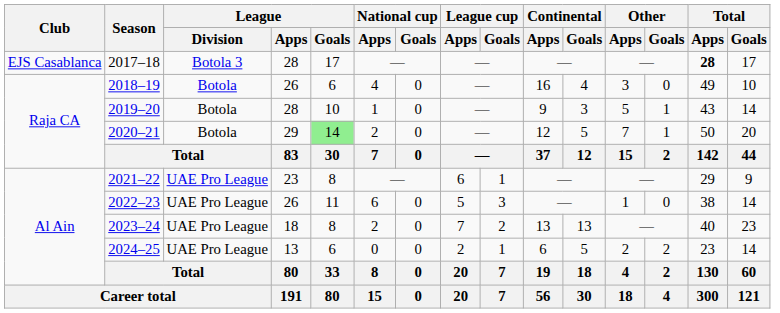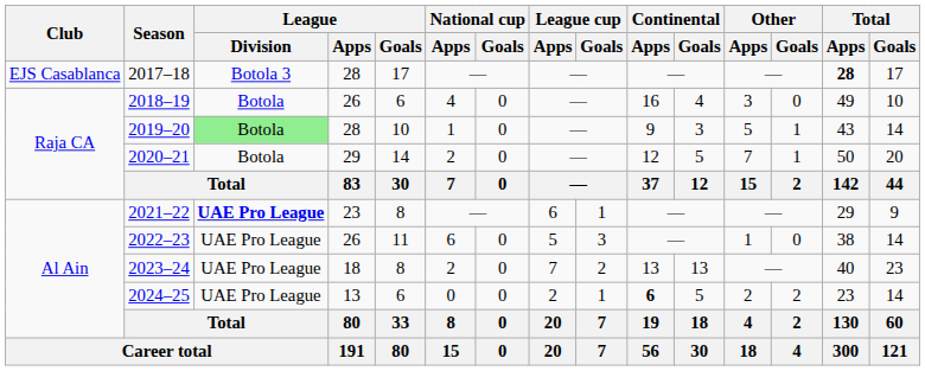 <table class="wikitable" style="text-align:center">
 <tr>
 <th rowspan="2">Club</th>
 <th rowspan="2">Season</th>
 <th colspan="3">League</th>
 <th colspan="2">National cup</th>
 <th colspan="2">League cup</th>
 <th colspan="2">Continental</th>
 <th colspan="2">Other</th>
 <th colspan="2">Total</th>
 </tr>
 <tr>
 <th>Division</th>
 <th>Apps</th>
 <th>Goals</th>
 <th>Apps</th>
 <th>Goals</th>
 <th>Apps</th>
 <th>Goals</th>
 <th>Apps</th>
 <th>Goals</th>
 <th>Apps</th>
 <th>Goals</th>
 <th>Apps</th>
 <th>Goals</th>
 </tr>
 <tr>
 <td><a href='#'>EJS Casablanca</a></td>
 <td>2017–18</td>
 <td><a href='#'>Botola 3</a></td>
 <td>28</td>
 <td>17</td>
 <td colspan="2">—</td>
 <td colspan="2">—</td>
 <td colspan="2">—</td>
 <td colspan="2">—</td>
 <td><strong>28</strong></td>
 <td>17</td>
 </tr>
 <tr>
 <td rowspan="4"><a href='#'>Raja CA</a></td>
 <td><a href='#'>2018–19</a></td>
 <td><a href='#'>Botola</a></td>
 <td>26</td>
 <td>6</td>
 <td>4</td>
 <td>0</td>
 <td colspan="2">—</td>
 <td>16</td>
 <td>4</td>
 <td>3</td>
 <td>0</td>
 <td>49</td>
 <td>10</td>
 </tr>
 <tr>
 <td><a href='#'>2019–20</a></td>
-<td>Botola</td>
+<td style="background: lightgreen;">Botola</td>
 <td>28</td>
 <td>10</td>
 <td>1</td>
 <td>0</td>
 <td colspan="2">—</td>
 <td>9</td>
 <td>3</td>
 <td>5</td>
 <td>1</td>
 <td>43</td>
 <td>14</td>
 </tr>
 <tr>
 <td><a href='#'>2020–21</a></td>
 <td>Botola</td>
 <td>29</td>
-<td style="background: lightgreen;">14</td>
+<td>14</td>
 <td>2</td>
 <td>0</td>
 <td colspan="2">—</td>
 <td>12</td>
 <td>5</td>
 <td>7</td>
 <td>1</td>
 <td>50</td>
 <td>20</td>
 </tr>
 <tr>
 <th colspan="2">Total</th>
 <th>83</th>
 <th>30</th>
 <th>7</th>
 <th>0</th>
 <th colspan="2">—</th>
 <th>37</th>
 <th>12</th>
 <th>15</th>
 <th>2</th>
 <th>142</th>
 <th>44</th>
 </tr>
 <tr>
 <td rowspan="5"><a href='#'>Al Ain</a></td>
 <td><a href='#'>2021–22</a></td>
-<td><a href='#'>UAE Pro League</a></td>
+<td><strong><a href='#'>UAE Pro League</a></strong></td>
 <td>23</td>
 <td>8</td>
 <td colspan="2">—</td>
 <td>6</td>
 <td>1</td>
 <td colspan="2">—</td>
 <td colspan="2">—</td>
 <td>29</td>
 <td>9</td>
 </tr>
 <tr>
 <td><a href='#'>2022–23</a></td>
 <td>UAE Pro League</td>
 <td>26</td>
 <td>11</td>
 <td>6</td>
 <td>0</td>
 <td>5</td>
 <td>3</td>
 <td colspan="2">—</td>
 <td>1</td>
 <td>0</td>
 <td>38</td>
 <td>14</td>
 </tr>
 <tr>
 <td><a href='#'>2023–24</a></td>
 <td>UAE Pro League</td>
 <td>18</td>
 <td>8</td>
 <td>2</td>
 <td>0</td>
 <td>7</td>
 <td>2</td>
 <td>13</td>
 <td>13</td>
 <td colspan="2">—</td>
 <td>40</td>
 <td>23</td>
 </tr>
 <tr>
 <td><a href='#'>2024–25</a></td>
 <td>UAE Pro League</td>
 <td>13</td>
 <td>6</td>
 <td>0</td>
 <td>0</td>
 <td>2</td>
 <td>1</td>
-<td>6</td>
+<td><strong>6</strong></td>
 <td>5</td>
 <td>2</td>
 <td>2</td>
 <td>23</td>
 <td>14</td>
 </tr>
 <tr>
 <th colspan="2">Total</th>
 <th>80</th>
 <th>33</th>
 <th>8</th>
 <th>0</th>
 <th>20</th>
 <th>7</th>
 <th>19</th>
 <th>18</th>
 <th>4</th>
 <th>2</th>
 <th>130</th>
 <th>60</th>
 </tr>
 <tr>
 <th colspan="3">Career total</th>
 <th>191</th>
 <th>80</th>
 <th>15</th>
 <th>0</th>
 <th>20</th>
 <th>7</th>
 <th>56</th>
 <th>30</th>
 <th>18</th>
 <th>4</th>
 <th>300</th>
 <th>121</th>
 </tr>
 </table>
